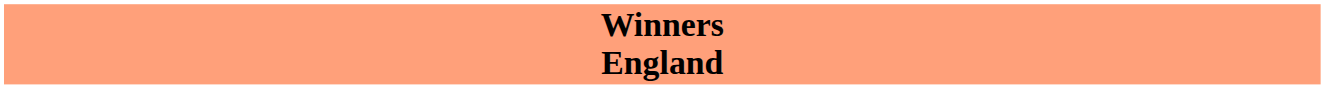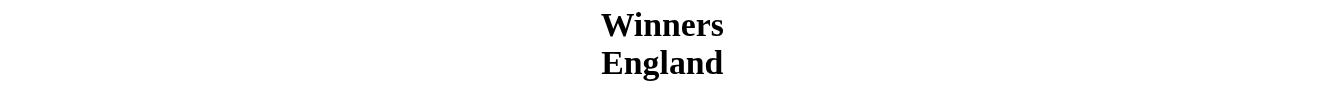 <table cellspacing=0 width=100%>
 <tr>
 <td align=center></td>
 </tr>
 <tr>
-<td align=center style="background: lightsalmon;"><strong>Winners<br>England</strong></td>
+<td align=center><strong>Winners<br>England</strong></td>
 </tr>
 </table>
